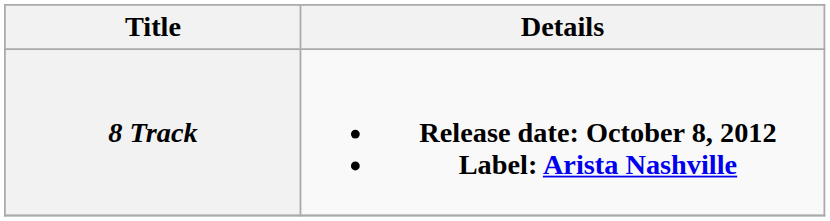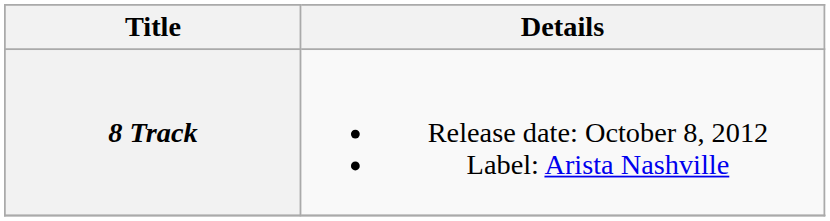 <table class="wikitable plainrowheaders" style="text-align:center;">
 <tr>
 <th style="width:10em;">Title</th>
 <th style="width:18em;">Details</th>
 </tr>
 <tr>
 <th scope="row"><em>8 Track</em></th>
-<td><strong><br><ul><li>Release date: October 8, 2012</li><li>Label: <a href='#'>Arista Nashville</a></li></ul></strong></td>
+<td><br><ul><li>Release date: October 8, 2012</li><li>Label: <a href='#'>Arista Nashville</a></li></ul></td>
 </tr>
 <tr>
 </tr>
 </table>
